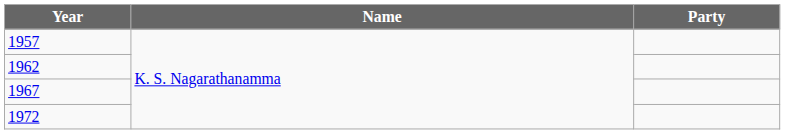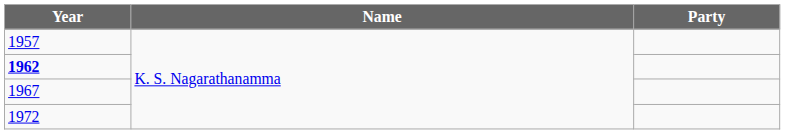 <table class="sortable wikitable" width="50%">
 <tr>
 <th style="background-color:#666666; color:white">Year</th>
 <th style="background-color:#666666; color:white">Name</th>
 <th style="background-color:#666666; color:white" colspan="2">Party</th>
 </tr>
 <tr>
 <td><a href='#'>1957</a></td>
 <td rowspan=4><a href='#'>K. S. Nagarathanamma</a></td>
 <td></td>
 </tr>
 <tr>
-<td><a href='#'>1962</a></td>
+<td><strong><a href='#'>1962</a></strong></td>
 </tr>
 <tr>
 <td><a href='#'>1967</a></td>
 <td></td>
 </tr>
 <tr>
 <td><a href='#'>1972</a></td>
 </tr>
 </table>
